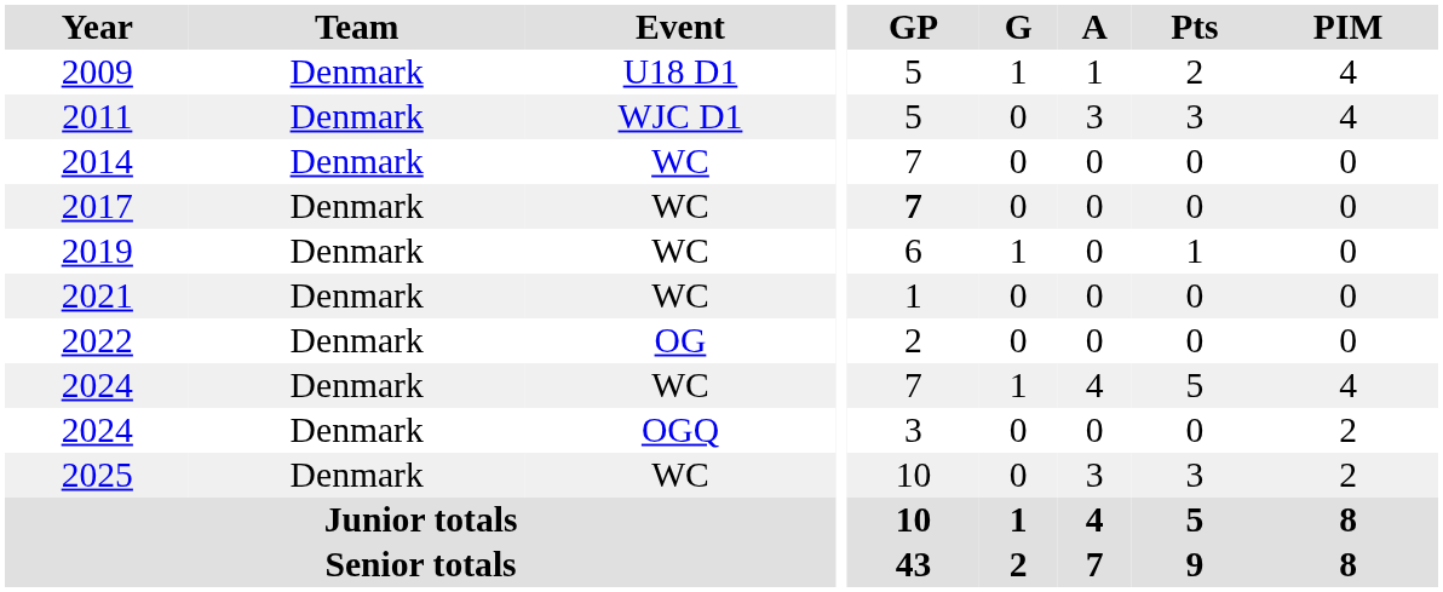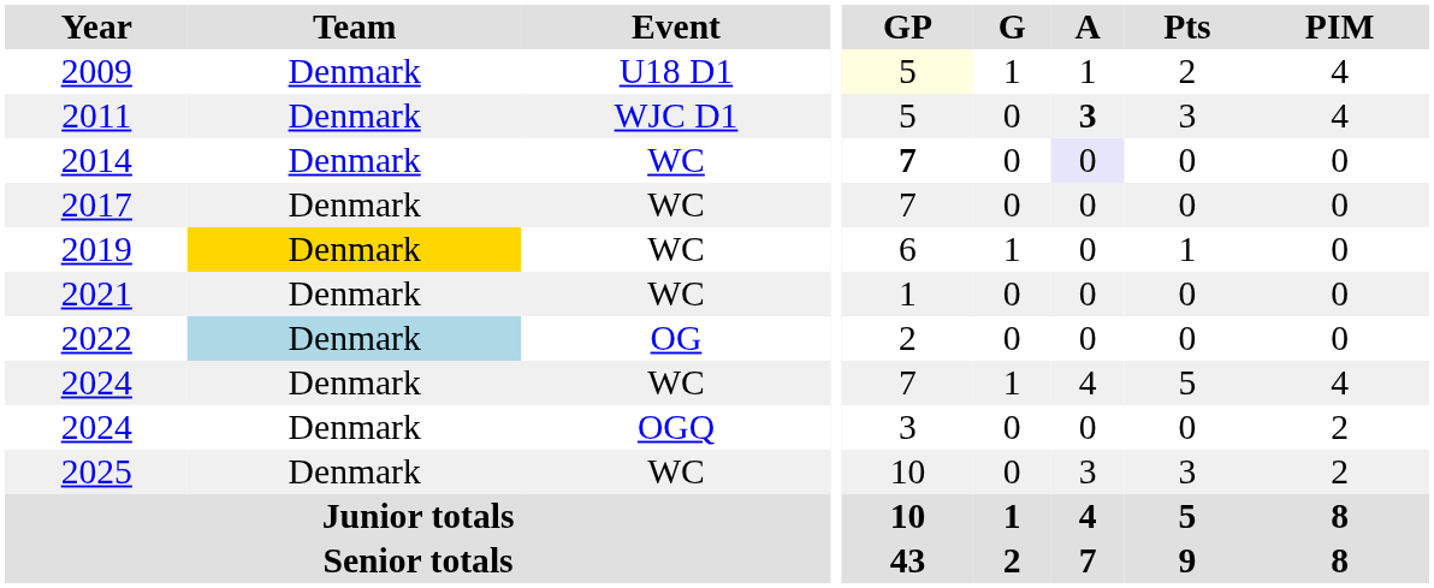 <table border="0" cellpadding="1" cellspacing="0" ID="Table3" style="text-align:center; width:40em">
 <tr ALIGN="center" bgcolor="#e0e0e0">
 <th>Year</th>
 <th>Team</th>
 <th>Event</th>
 <th rowspan="99" bgcolor="#ffffff"></th>
 <th>GP</th>
 <th>G</th>
 <th>A</th>
 <th>Pts</th>
 <th>PIM</th>
 </tr>
 <tr>
 <td><a href='#'>2009</a></td>
 <td><a href='#'>Denmark</a></td>
 <td><a href='#'>U18 D1</a></td>
-<td>5</td>
+<td style="background: lightyellow;">5</td>
 <td>1</td>
 <td>1</td>
 <td>2</td>
 <td>4</td>
 </tr>
 <tr bgcolor="#f0f0f0">
 <td><a href='#'>2011</a></td>
 <td><a href='#'>Denmark</a></td>
 <td><a href='#'>WJC D1</a></td>
 <td>5</td>
 <td>0</td>
-<td>3</td>
+<td><strong>3</strong></td>
 <td>3</td>
 <td>4</td>
 </tr>
 <tr>
 <td><a href='#'>2014</a></td>
 <td><a href='#'>Denmark</a></td>
 <td><a href='#'>WC</a></td>
-<td>7</td>
+<td><strong>7</strong></td>
 <td>0</td>
-<td>0</td>
+<td style="background: lavender;">0</td>
 <td>0</td>
 <td>0</td>
 </tr>
 <tr bgcolor="#f0f0f0">
 <td><a href='#'>2017</a></td>
 <td>Denmark</td>
 <td>WC</td>
-<td><strong>7</strong></td>
+<td>7</td>
 <td>0</td>
 <td>0</td>
 <td>0</td>
 <td>0</td>
 </tr>
 <tr>
 <td><a href='#'>2019</a></td>
-<td>Denmark</td>
+<td style="background: gold;">Denmark</td>
 <td>WC</td>
 <td>6</td>
 <td>1</td>
 <td>0</td>
 <td>1</td>
 <td>0</td>
 </tr>
 <tr bgcolor="#f0f0f0">
 <td><a href='#'>2021</a></td>
 <td>Denmark</td>
 <td>WC</td>
 <td>1</td>
 <td>0</td>
 <td>0</td>
 <td>0</td>
 <td>0</td>
 </tr>
 <tr>
 <td><a href='#'>2022</a></td>
-<td>Denmark</td>
+<td style="background: lightblue;">Denmark</td>
 <td><a href='#'>OG</a></td>
 <td>2</td>
 <td>0</td>
 <td>0</td>
 <td>0</td>
 <td>0</td>
 </tr>
 <tr bgcolor="#f0f0f0">
 <td><a href='#'>2024</a></td>
 <td>Denmark</td>
 <td>WC</td>
 <td>7</td>
 <td>1</td>
 <td>4</td>
 <td>5</td>
 <td>4</td>
 </tr>
 <tr>
 <td><a href='#'>2024</a></td>
 <td>Denmark</td>
 <td><a href='#'>OGQ</a></td>
 <td>3</td>
 <td>0</td>
 <td>0</td>
 <td>0</td>
 <td>2</td>
 </tr>
 <tr bgcolor="#f0f0f0">
 <td><a href='#'>2025</a></td>
 <td>Denmark</td>
 <td>WC</td>
 <td>10</td>
 <td>0</td>
 <td>3</td>
 <td>3</td>
 <td>2</td>
 </tr>
 <tr bgcolor="#e0e0e0">
 <th colspan="3">Junior totals</th>
 <th>10</th>
 <th>1</th>
 <th>4</th>
 <th>5</th>
 <th>8</th>
 </tr>
 <tr bgcolor="#e0e0e0">
 <th colspan="3">Senior totals</th>
 <th>43</th>
 <th>2</th>
 <th>7</th>
 <th>9</th>
 <th>8</th>
 </tr>
 </table>
